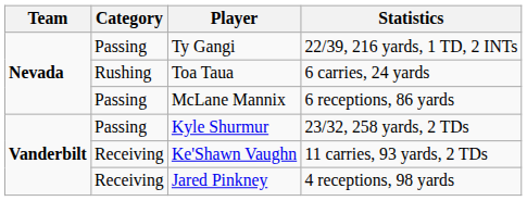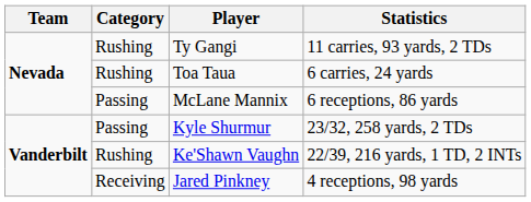 <table class="wikitable" style="float: left;">
 <tr>
 <th>Team</th>
 <th>Category</th>
 <th>Player</th>
 <th>Statistics</th>
 </tr>
 <tr>
 <td rowspan=3><strong>Nevada</strong></td>
-<td>Passing</td>
+<td>Rushing</td>
 <td>Ty Gangi</td>
-<td>22/39, 216 yards, 1 TD, 2 INTs</td>
+<td>11 carries, 93 yards, 2 TDs</td>
 </tr>
 <tr>
 <td>Rushing</td>
 <td>Toa Taua</td>
 <td>6 carries, 24 yards</td>
 </tr>
 <tr>
 <td>Passing</td>
 <td>McLane Mannix</td>
 <td>6 receptions, 86 yards</td>
 </tr>
 <tr>
 <td rowspan=3><strong>Vanderbilt</strong></td>
 <td>Passing</td>
 <td><a href='#'>Kyle Shurmur</a></td>
 <td>23/32, 258 yards, 2 TDs</td>
 </tr>
 <tr>
-<td>Receiving</td>
+<td>Rushing</td>
 <td><a href='#'>Ke'Shawn Vaughn</a></td>
-<td>11 carries, 93 yards, 2 TDs</td>
+<td>22/39, 216 yards, 1 TD, 2 INTs</td>
 </tr>
 <tr>
 <td>Receiving</td>
 <td><a href='#'>Jared Pinkney</a></td>
 <td>4 receptions, 98 yards</td>
 </tr>
 </table>
